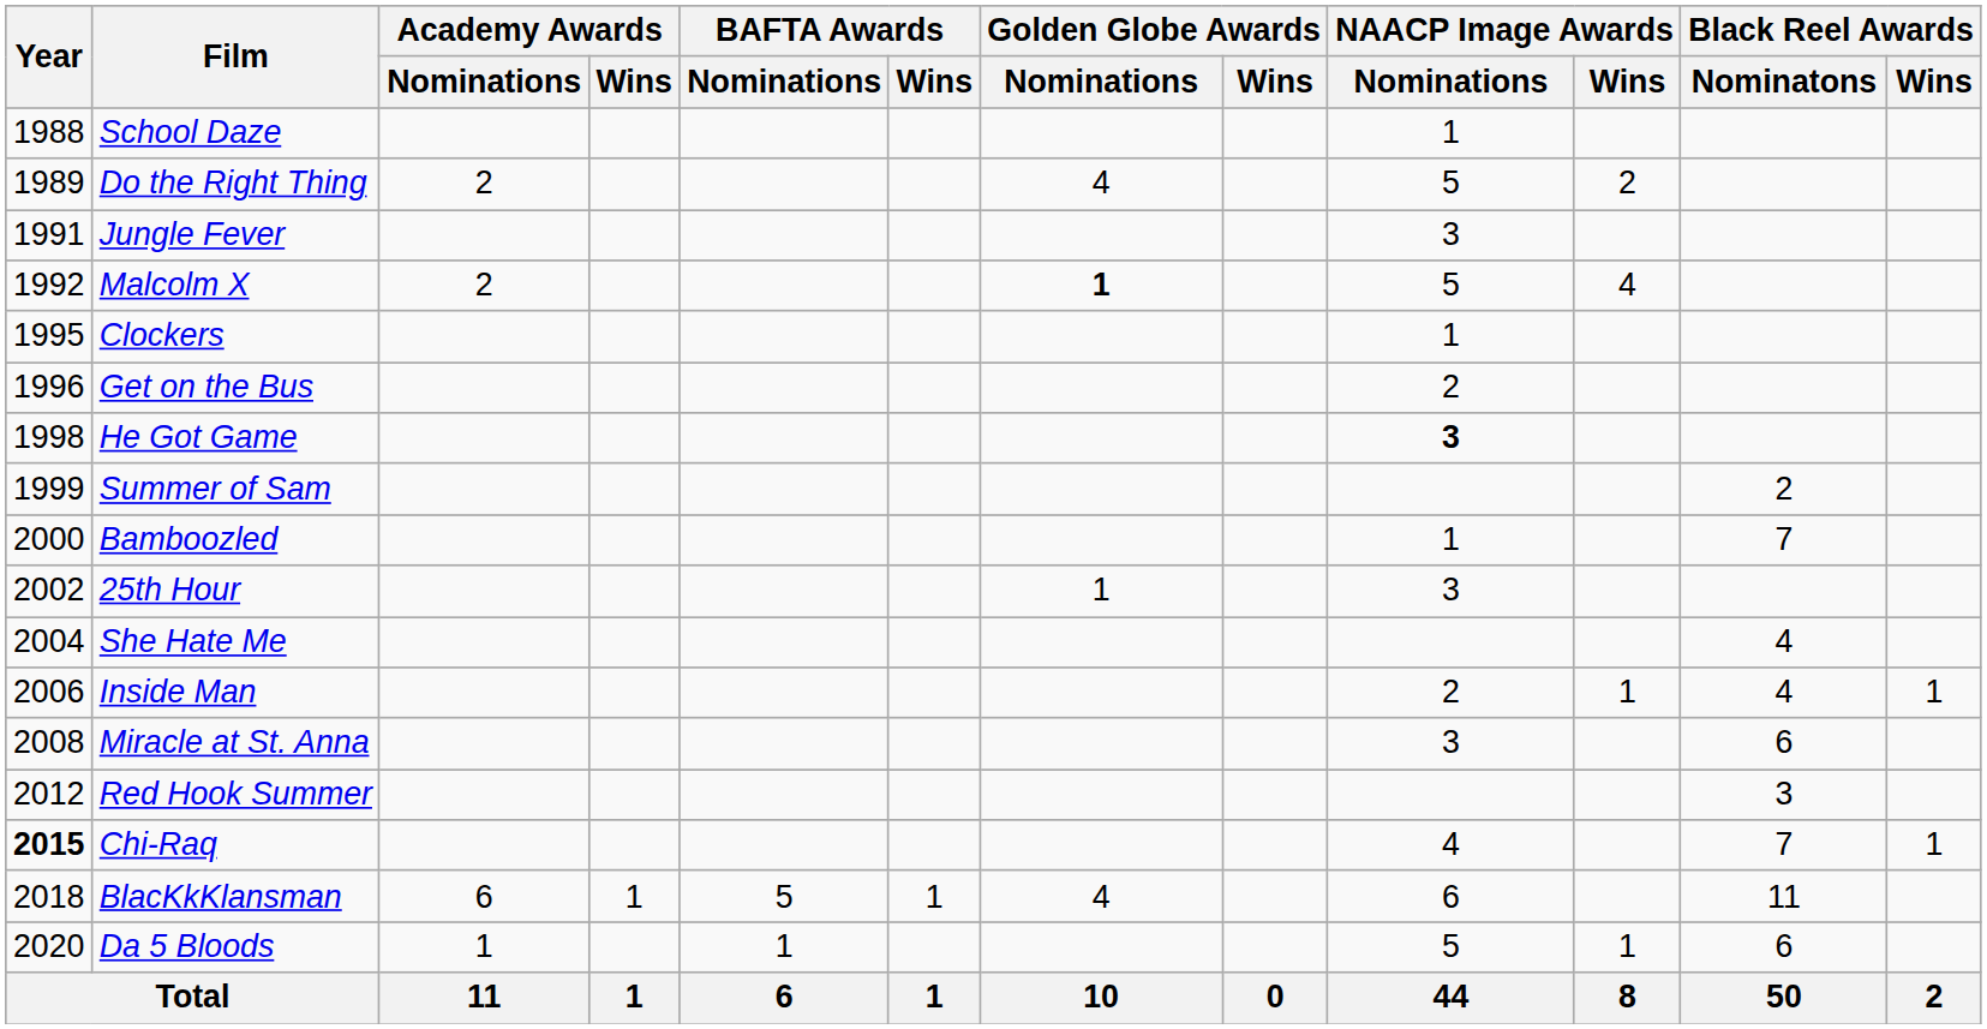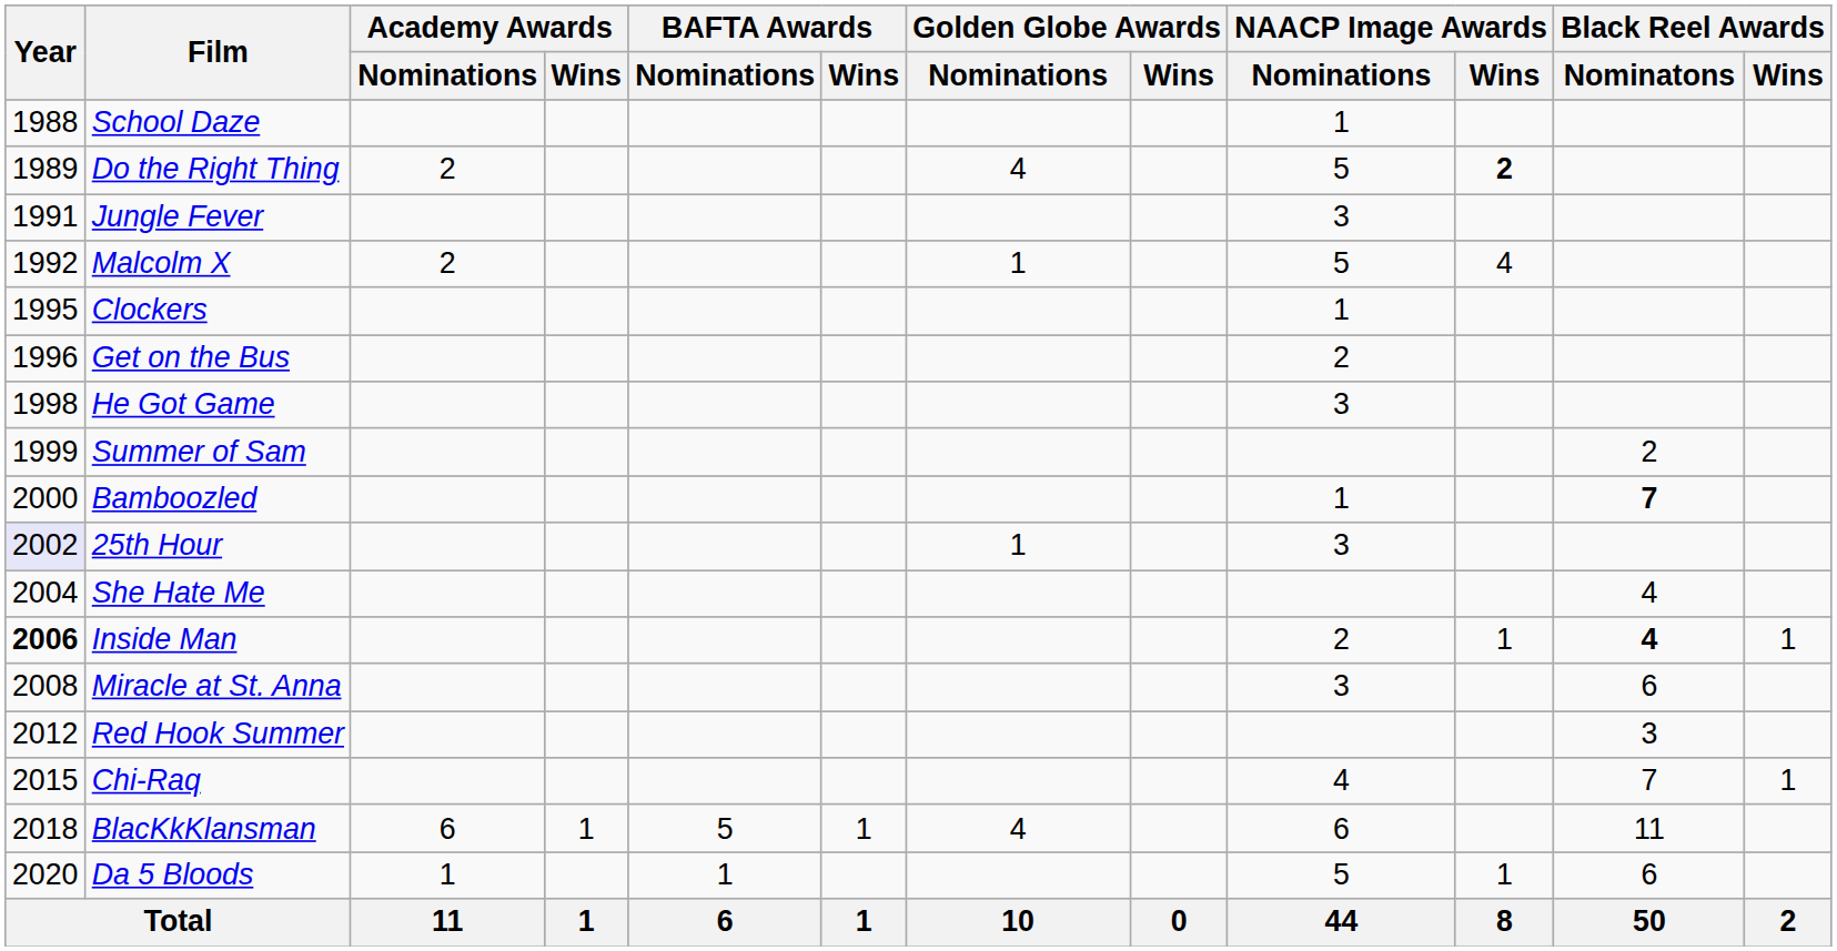 <table class="wikitable sortable">
 <tr>
 <th rowspan="2">Year</th>
 <th rowspan="2">Film</th>
 <th colspan="2" style="text-align:center;">Academy Awards</th>
 <th colspan="2" style="text-align:center;">BAFTA Awards</th>
 <th colspan="2" style="text-align:center;">Golden Globe Awards</th>
 <th colspan="2" style="text-align:center;">NAACP Image Awards</th>
 <th colspan="2" style="text-align:center;">Black Reel Awards</th>
 </tr>
 <tr>
 <th>Nominations</th>
 <th>Wins</th>
 <th>Nominations</th>
 <th>Wins</th>
 <th>Nominations</th>
 <th>Wins</th>
 <th>Nominations</th>
 <th>Wins</th>
 <th>Nominatons</th>
 <th>Wins</th>
 </tr>
 <tr>
 <td>1988</td>
 <td><em><a href='#'>School Daze</a></em></td>
 <td></td>
 <td></td>
 <td></td>
 <td></td>
 <td></td>
 <td></td>
 <td align=center>1</td>
 <td></td>
 <td></td>
 <td></td>
 </tr>
 <tr>
 <td>1989</td>
 <td><em><a href='#'>Do the Right Thing</a></em></td>
 <td align=center>2</td>
 <td></td>
 <td></td>
 <td></td>
 <td align=center>4</td>
 <td></td>
 <td align=center>5</td>
-<td align=center>2</td>
+<td align=center><strong>2</strong></td>
 <td></td>
 <td></td>
 </tr>
 <tr>
 <td>1991</td>
 <td><em><a href='#'>Jungle Fever</a></em></td>
 <td></td>
 <td></td>
 <td></td>
 <td></td>
 <td></td>
 <td></td>
 <td align=center>3</td>
 <td></td>
 <td></td>
 <td></td>
 </tr>
 <tr>
 <td>1992</td>
 <td><em><a href='#'>Malcolm X</a></em></td>
 <td align=center>2</td>
 <td></td>
 <td></td>
 <td></td>
-<td align=center><strong>1</strong></td>
+<td align=center>1</td>
 <td></td>
 <td align=center>5</td>
 <td align=center>4</td>
 <td></td>
 <td></td>
 </tr>
 <tr>
 <td>1995</td>
 <td><em><a href='#'>Clockers</a></em></td>
 <td></td>
 <td></td>
 <td></td>
 <td></td>
 <td></td>
 <td></td>
 <td align=center>1</td>
 <td></td>
 <td></td>
 <td></td>
 </tr>
 <tr>
 <td>1996</td>
 <td><em><a href='#'>Get on the Bus</a></em></td>
 <td></td>
 <td></td>
 <td></td>
 <td></td>
 <td></td>
 <td></td>
 <td align=center>2</td>
 <td></td>
 <td></td>
 <td></td>
 </tr>
 <tr>
 <td>1998</td>
 <td><em><a href='#'>He Got Game</a></em></td>
 <td></td>
 <td></td>
 <td></td>
 <td></td>
 <td></td>
 <td></td>
-<td align=center><strong>3</strong></td>
+<td align=center>3</td>
 <td></td>
 <td></td>
 <td></td>
 </tr>
 <tr>
 <td>1999</td>
 <td><em><a href='#'>Summer of Sam</a></em></td>
 <td></td>
 <td></td>
 <td></td>
 <td></td>
 <td></td>
 <td></td>
 <td></td>
 <td></td>
 <td align=center>2</td>
 <td></td>
 </tr>
 <tr>
 <td>2000</td>
 <td><em><a href='#'>Bamboozled</a></em></td>
 <td></td>
 <td></td>
 <td></td>
 <td></td>
 <td></td>
 <td></td>
 <td align=center>1</td>
 <td></td>
-<td align=center>7</td>
+<td align=center><strong>7</strong></td>
 <td></td>
 </tr>
 <tr>
-<td>2002</td>
+<td style="background: lavender;">2002</td>
 <td><em><a href='#'>25th Hour</a></em></td>
 <td></td>
 <td></td>
 <td></td>
 <td></td>
 <td align=center>1</td>
 <td></td>
 <td align=center>3</td>
 <td></td>
 <td></td>
 <td></td>
 </tr>
 <tr>
 <td>2004</td>
 <td><em><a href='#'>She Hate Me</a></em></td>
 <td></td>
 <td></td>
 <td></td>
 <td></td>
 <td></td>
 <td></td>
 <td></td>
 <td></td>
 <td align=center>4</td>
 <td></td>
 </tr>
 <tr>
-<td>2006</td>
+<td><strong>2006</strong></td>
 <td><em><a href='#'>Inside Man</a></em></td>
 <td></td>
 <td></td>
 <td></td>
 <td></td>
 <td></td>
 <td></td>
 <td align=center>2</td>
 <td align=center>1</td>
-<td align=center>4</td>
+<td align=center><strong>4</strong></td>
 <td align=center>1</td>
 </tr>
 <tr>
 <td>2008</td>
 <td><em><a href='#'>Miracle at St. Anna</a></em></td>
 <td></td>
 <td></td>
 <td></td>
 <td></td>
 <td></td>
 <td></td>
 <td align=center>3</td>
 <td></td>
 <td align=center>6</td>
 <td></td>
 </tr>
 <tr>
 <td>2012</td>
 <td><em><a href='#'>Red Hook Summer</a></em></td>
 <td></td>
 <td></td>
 <td></td>
 <td></td>
 <td></td>
 <td></td>
 <td></td>
 <td></td>
 <td align=center>3</td>
 <td></td>
 </tr>
 <tr>
-<td><strong>2015</strong></td>
+<td>2015</td>
 <td><em><a href='#'>Chi-Raq</a></em></td>
 <td></td>
 <td></td>
 <td></td>
 <td></td>
 <td></td>
 <td></td>
 <td align=center>4</td>
 <td></td>
 <td align=center>7</td>
 <td align=center>1</td>
 </tr>
 <tr>
 <td>2018</td>
 <td><em><a href='#'>BlacKkKlansman</a></em></td>
 <td align=center>6</td>
 <td align=center>1</td>
 <td align=center>5</td>
 <td align=center>1</td>
 <td align=center>4</td>
 <td></td>
 <td align=center>6</td>
 <td></td>
 <td align=center>11</td>
 <td></td>
 </tr>
 <tr>
 <td>2020</td>
 <td><em><a href='#'>Da 5 Bloods</a></em></td>
 <td align=center>1</td>
 <td></td>
 <td align=center>1</td>
 <td></td>
 <td></td>
 <td></td>
 <td align=center>5</td>
 <td align=center>1</td>
 <td align=center>6</td>
 <td></td>
 </tr>
 <tr>
 <th colspan="2"><strong>Total</strong></th>
 <th align=center>11</th>
 <th align=center>1</th>
 <th align=center>6</th>
 <th align=center>1</th>
 <th align=center>10</th>
 <th align=center>0</th>
 <th align=center>44</th>
 <th align=center>8</th>
 <th align=center>50</th>
 <th align=center>2</th>
 </tr>
 </table>
